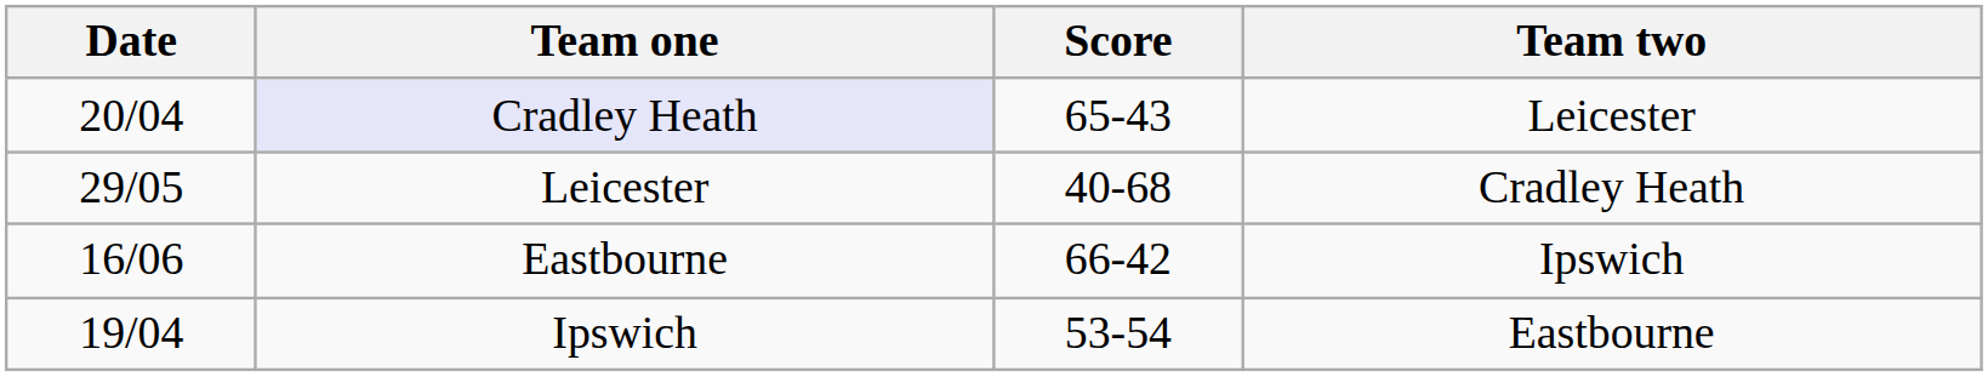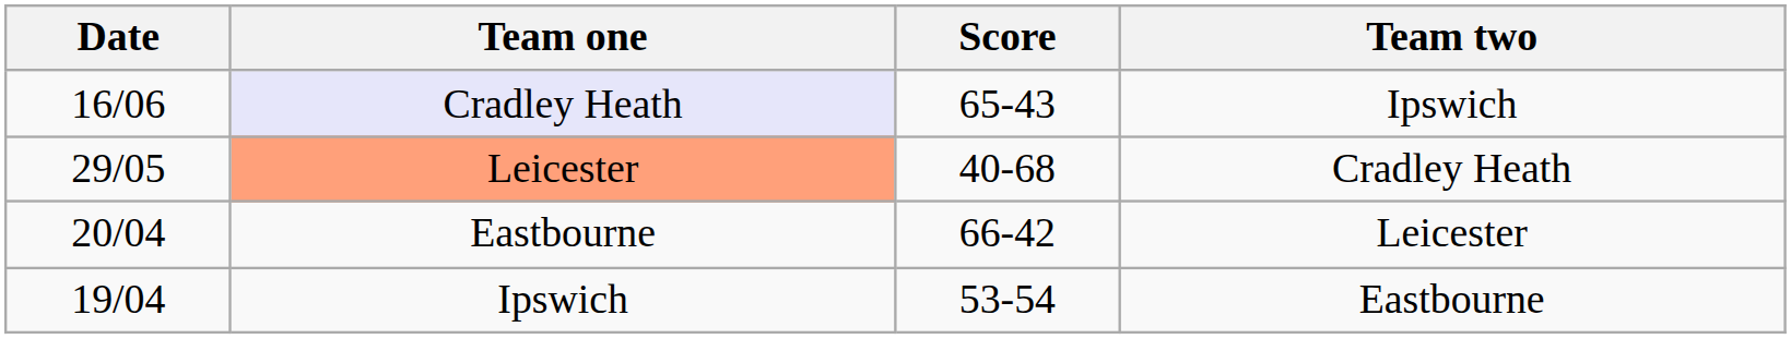 <table class="wikitable" style="text-align: center">
 <tr>
 <th width=80>Date</th>
 <th width=250>Team one</th>
 <th width=80>Score</th>
 <th width=250>Team two</th>
 </tr>
 <tr>
-<td>20/04</td>
+<td>16/06</td>
 <td style="background: lavender;">Cradley Heath</td>
 <td>65-43</td>
-<td>Leicester</td>
+<td>Ipswich</td>
 </tr>
 <tr>
 <td>29/05</td>
-<td>Leicester</td>
+<td style="background: lightsalmon;">Leicester</td>
 <td>40-68</td>
 <td>Cradley Heath</td>
 </tr>
 <tr>
-<td>16/06</td>
+<td>20/04</td>
 <td>Eastbourne</td>
 <td>66-42</td>
-<td>Ipswich</td>
+<td>Leicester</td>
 </tr>
 <tr>
 <td>19/04</td>
 <td>Ipswich</td>
 <td>53-54</td>
 <td>Eastbourne</td>
 </tr>
 </table>
